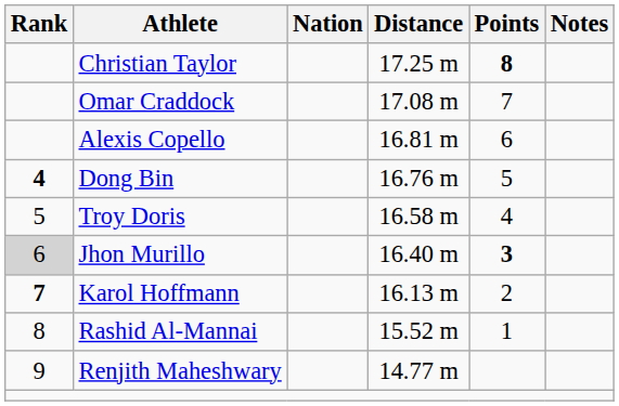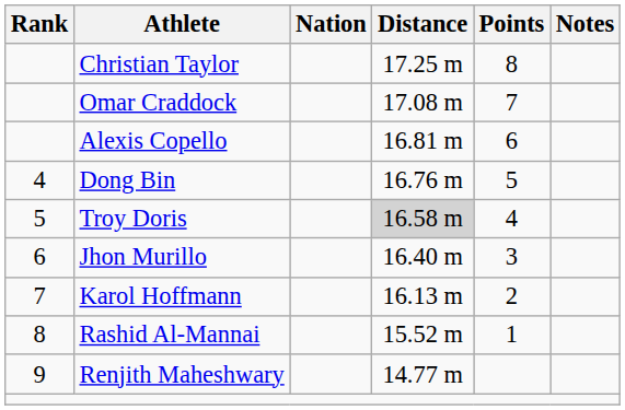 <table class="wikitable mw-datatable sortable" style="text-align:center;">
 <tr>
 <th>Rank</th>
 <th>Athlete</th>
 <th>Nation</th>
 <th>Distance</th>
 <th>Points</th>
 <th>Notes</th>
 </tr>
 <tr>
 <td></td>
 <td align=left><a href='#'>Christian Taylor</a></td>
 <td align=left></td>
 <td>17.25 m </td>
-<td><strong>8</strong></td>
+<td>8</td>
 <td></td>
 </tr>
 <tr>
 <td></td>
 <td align=left><a href='#'>Omar Craddock</a></td>
 <td align=left></td>
 <td>17.08 m </td>
 <td>7</td>
 <td></td>
 </tr>
 <tr>
 <td></td>
 <td align=left><a href='#'>Alexis Copello</a></td>
 <td align=left></td>
 <td>16.81 m </td>
 <td>6</td>
 <td></td>
 </tr>
 <tr>
-<td><strong>4</strong></td>
+<td>4</td>
 <td align=left><a href='#'>Dong Bin</a></td>
 <td align=left></td>
 <td>16.76 m </td>
 <td>5</td>
 <td></td>
 </tr>
 <tr>
 <td>5</td>
 <td align=left><a href='#'>Troy Doris</a></td>
 <td align=left></td>
-<td>16.58 m </td>
+<td style="background: lightgrey;">16.58 m </td>
 <td>4</td>
 <td></td>
 </tr>
 <tr>
-<td style="background: lightgrey;">6</td>
+<td>6</td>
 <td align=left><a href='#'>Jhon Murillo</a></td>
 <td align=left></td>
 <td>16.40 m </td>
-<td><strong>3</strong></td>
+<td>3</td>
 <td></td>
 </tr>
 <tr>
-<td><strong>7</strong></td>
+<td>7</td>
 <td align=left><a href='#'>Karol Hoffmann</a></td>
 <td align=left></td>
 <td>16.13 m </td>
 <td>2</td>
 <td></td>
 </tr>
 <tr>
 <td>8</td>
 <td align=left><a href='#'>Rashid Al-Mannai</a></td>
 <td align=left></td>
 <td>15.52 m </td>
 <td>1</td>
 <td></td>
 </tr>
 <tr>
 <td>9</td>
 <td align=left><a href='#'>Renjith Maheshwary</a></td>
 <td align=left></td>
 <td>14.77 m </td>
 <td></td>
 <td></td>
 </tr>
 <tr class="sortbottom">
 <td colspan=6></td>
 </tr>
 </table>
